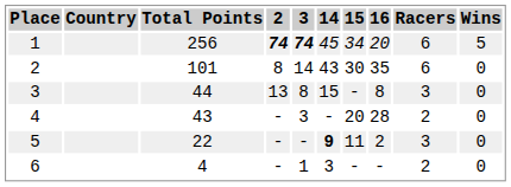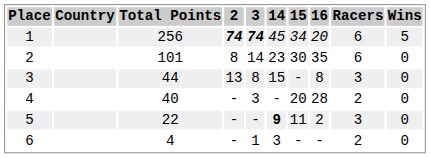 <table border="0" style="border: 1px solid #999; background-color:#FFFFFF; text-align:center">
 <tr align="center" bgcolor="#CCCCCC">
 <th>Place</th>
 <th>Country</th>
 <th>Total Points</th>
 <th>2</th>
 <th>3</th>
 <th>14</th>
 <th>15</th>
 <th>16</th>
 <th>Racers</th>
 <th>Wins</th>
 </tr>
 <tr bgcolor="#EFEFEF">
 <td>1</td>
 <td align="left"></td>
 <td>256</td>
 <td><strong><em>74</em></strong></td>
 <td><strong><em>74</em></strong></td>
 <td><em>45</em></td>
 <td><em>34</em></td>
 <td><em>20</em></td>
 <td>6</td>
 <td>5</td>
 </tr>
 <tr>
 <td>2</td>
 <td align="left"></td>
 <td>101</td>
 <td>8</td>
 <td>14</td>
-<td>43</td>
+<td>23</td>
 <td>30</td>
 <td>35</td>
 <td>6</td>
 <td>0</td>
 </tr>
 <tr bgcolor="#EFEFEF">
 <td>3</td>
 <td align="left"></td>
 <td>44</td>
 <td>13</td>
 <td>8</td>
 <td>15</td>
 <td>-</td>
 <td>8</td>
 <td>3</td>
 <td>0</td>
 </tr>
 <tr>
 <td>4</td>
 <td align="left"></td>
-<td>43</td>
+<td>40</td>
 <td>-</td>
 <td>3</td>
 <td>-</td>
 <td>20</td>
 <td>28</td>
 <td>2</td>
 <td>0</td>
 </tr>
 <tr bgcolor="#EFEFEF">
 <td>5</td>
 <td align="left"></td>
 <td>22</td>
 <td>-</td>
 <td>-</td>
 <td><strong>9</strong></td>
 <td>11</td>
 <td>2</td>
 <td>3</td>
 <td>0</td>
 </tr>
 <tr>
 <td>6</td>
 <td align="left"></td>
 <td>4</td>
 <td>-</td>
 <td>1</td>
 <td>3</td>
 <td>-</td>
 <td>-</td>
 <td>2</td>
 <td>0</td>
 </tr>
 </table>
